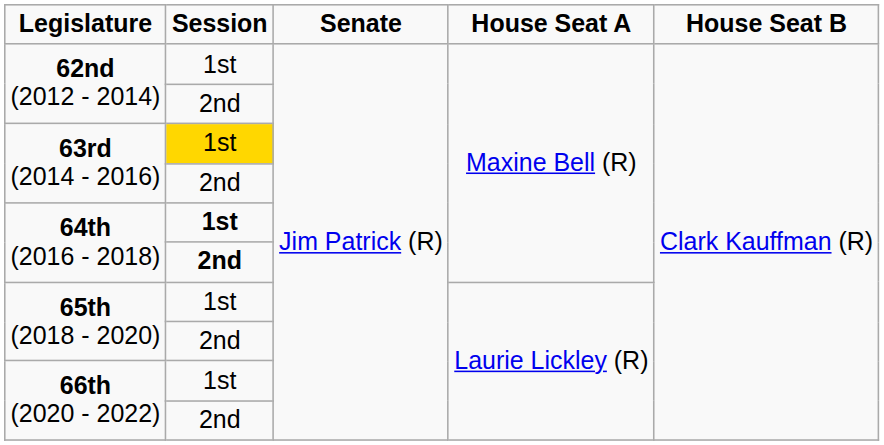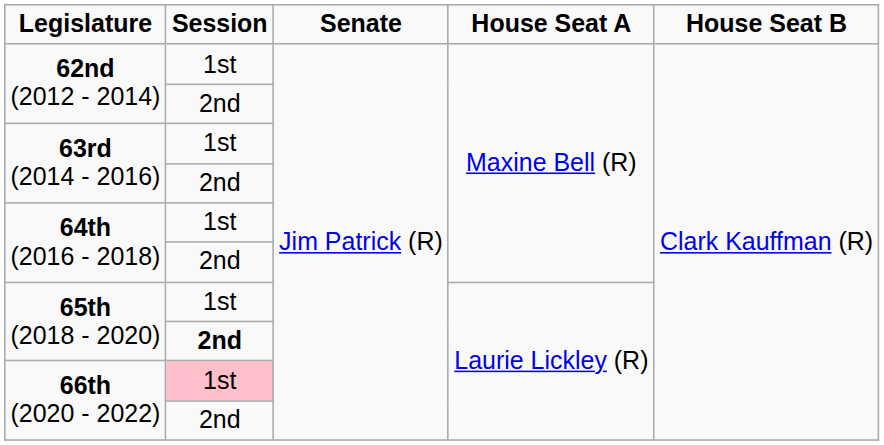 <table class=wikitable style="text-align:center">
 <tr>
 <td><strong>Legislature</strong></td>
 <td><strong>Session</strong></td>
 <td><strong>Senate</strong></td>
 <td><strong>House Seat A</strong></td>
 <td><strong>House Seat B</strong></td>
 </tr>
 <tr>
 <td rowspan="2" colspan="1" style="text-align: center;"><strong>62nd</strong> <br> (2012 - 2014)</td>
 <td>1st</td>
 <td rowspan="10" colspan="1" style="text-align: center;" ><a href='#'>Jim Patrick</a> (R)</td>
 <td rowspan="6" colspan="1" style="text-align: center;" ><a href='#'>Maxine Bell</a> (R)</td>
 <td rowspan="10" colspan="1" style="text-align: center;" ><a href='#'>Clark Kauffman</a> (R)</td>
 </tr>
 <tr>
 <td>2nd</td>
 </tr>
 <tr>
 <td rowspan="2" colspan="1" style="text-align: center;"><strong>63rd</strong> <br> (2014 - 2016)</td>
-<td style="background: gold;">1st</td>
+<td>1st</td>
 </tr>
 <tr>
 <td>2nd</td>
 </tr>
 <tr>
 <td rowspan="2" colspan="1" style="text-align: center;"><strong>64th</strong> <br> (2016 - 2018)</td>
-<td><strong>1st</strong></td>
+<td>1st</td>
 </tr>
 <tr>
-<td><strong>2nd</strong></td>
+<td>2nd</td>
 </tr>
 <tr>
 <td rowspan="2" colspan="1" style="text-align: center;"><strong>65th</strong> <br> (2018 - 2020)</td>
 <td>1st</td>
 <td rowspan="4" colspan="1" style="text-align: center;" ><a href='#'>Laurie Lickley</a> (R)</td>
 </tr>
 <tr>
-<td>2nd</td>
+<td><strong>2nd</strong></td>
 </tr>
 <tr>
 <td rowspan="2" colspan="1" style="text-align: center;"><strong>66th</strong> <br> (2020 - 2022)</td>
-<td>1st</td>
+<td style="background: pink;">1st</td>
 </tr>
 <tr>
 <td>2nd</td>
 </tr>
 </table>
